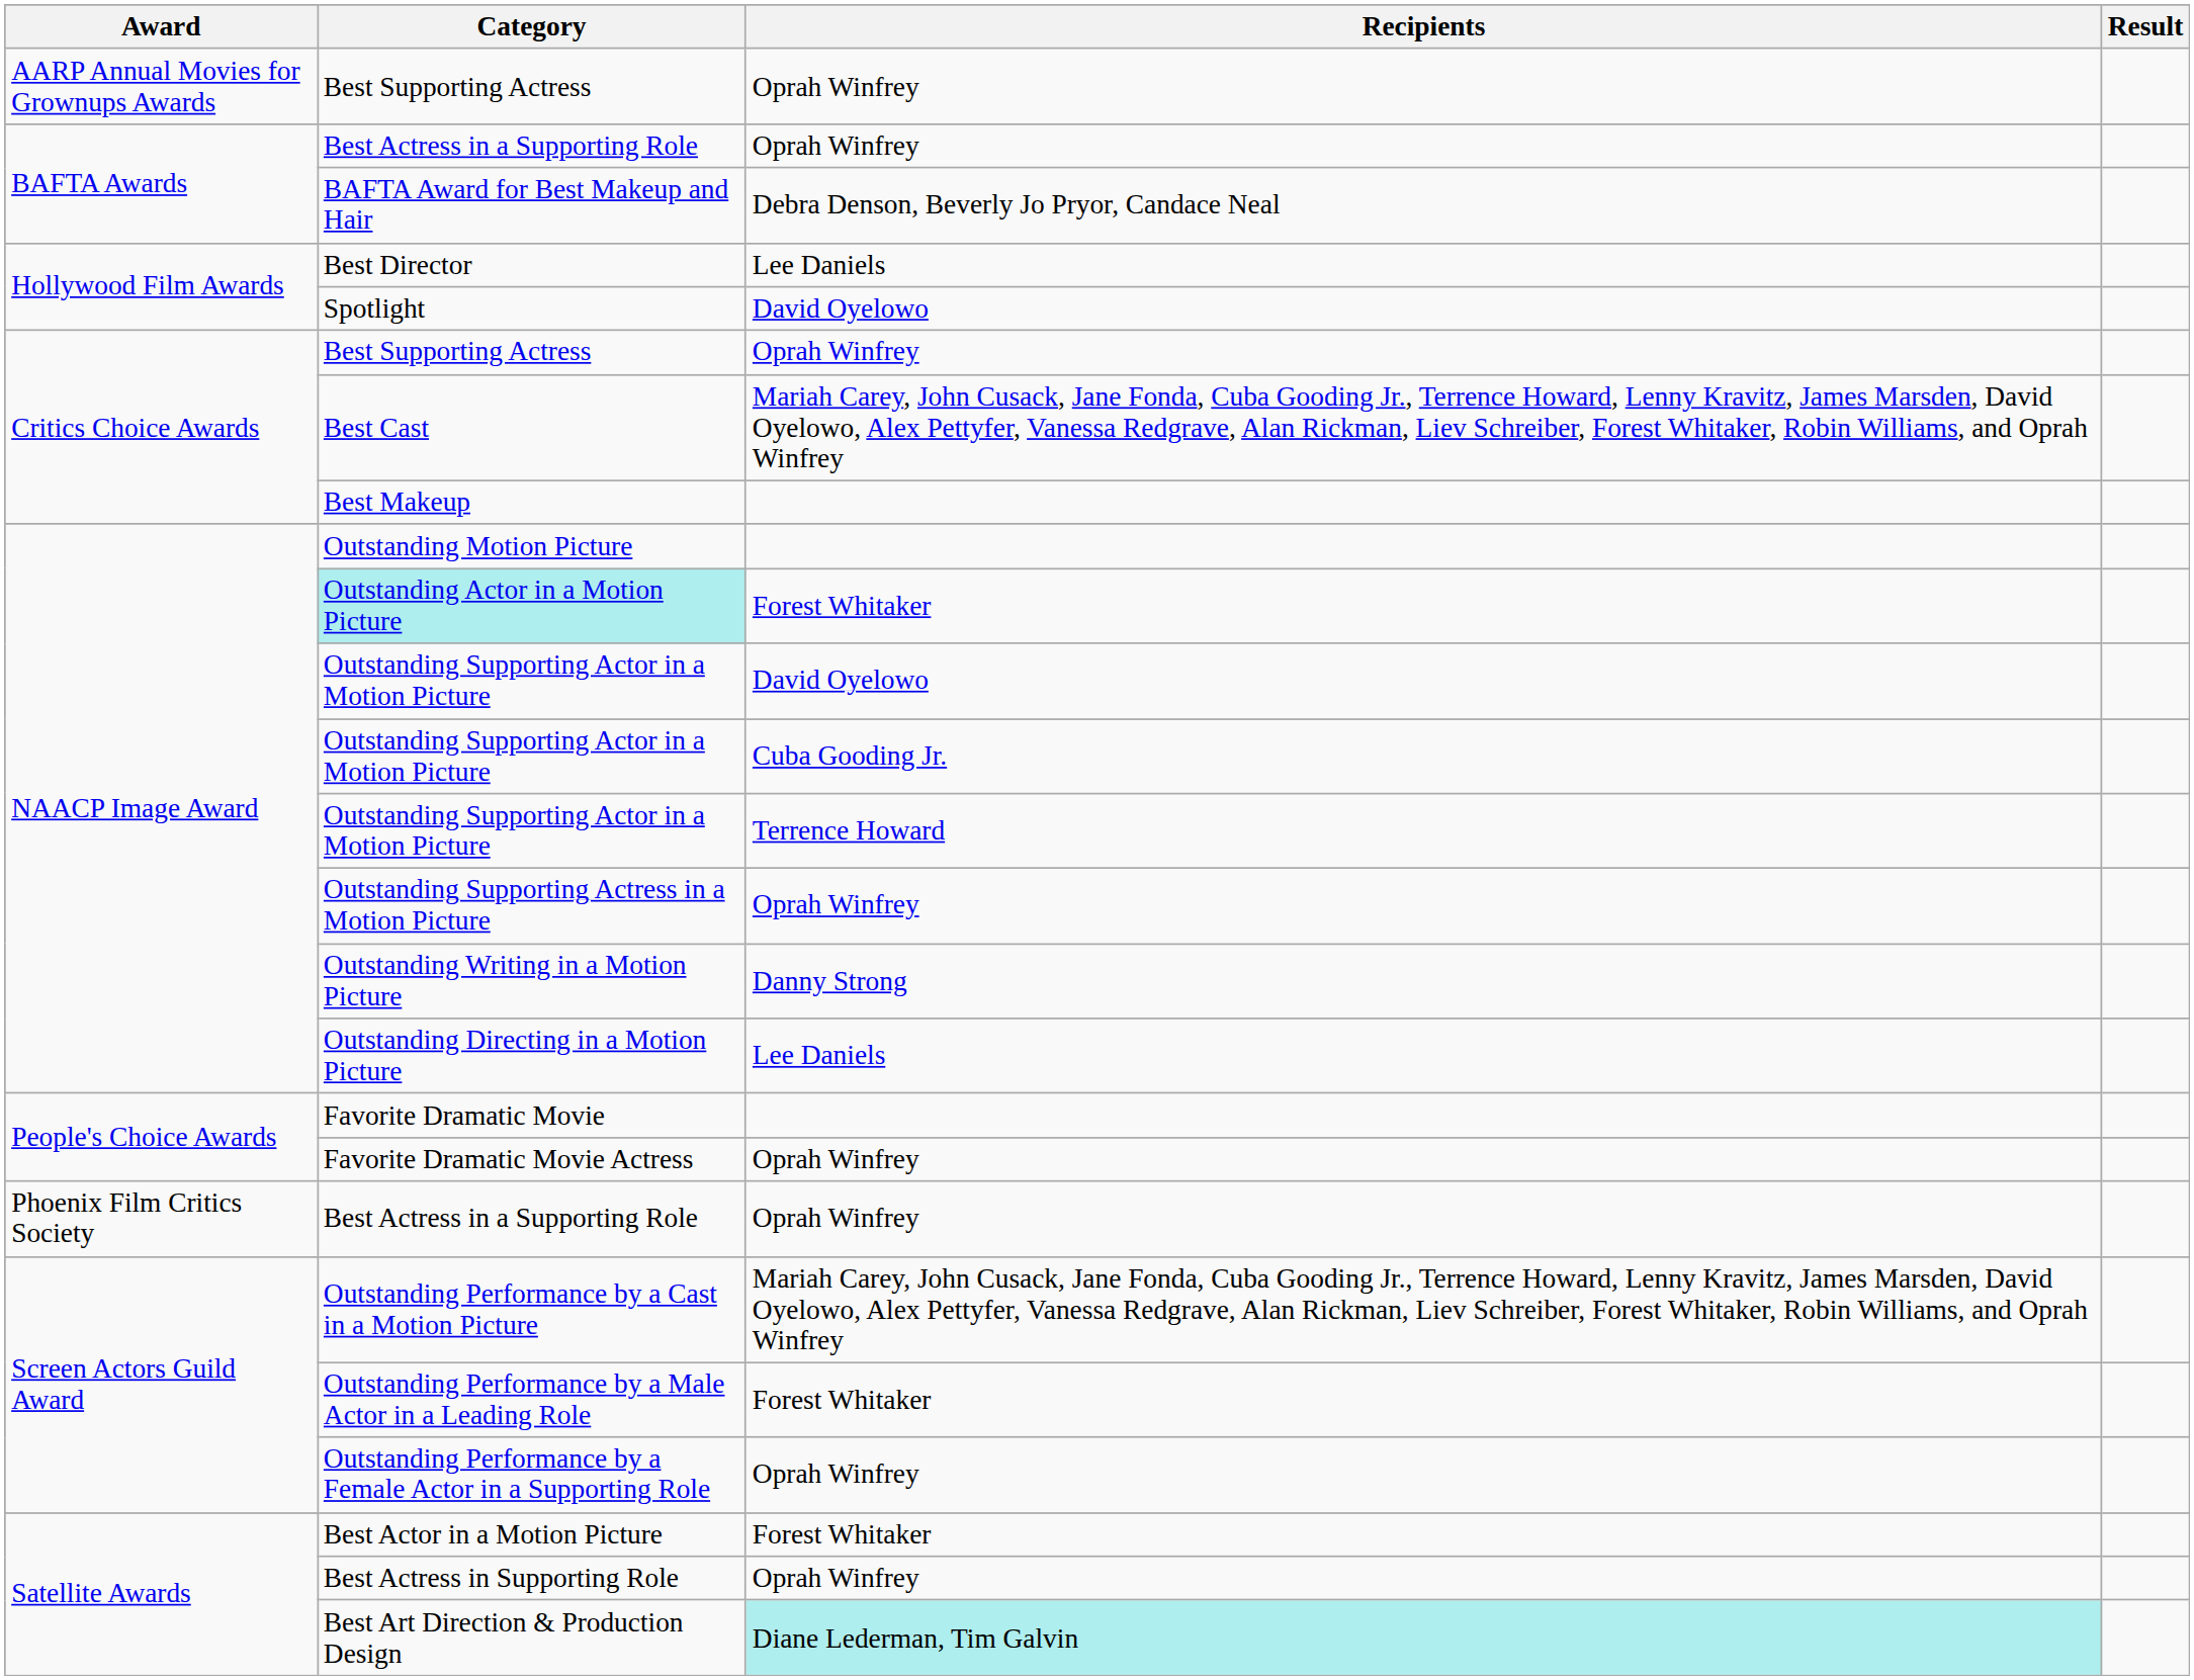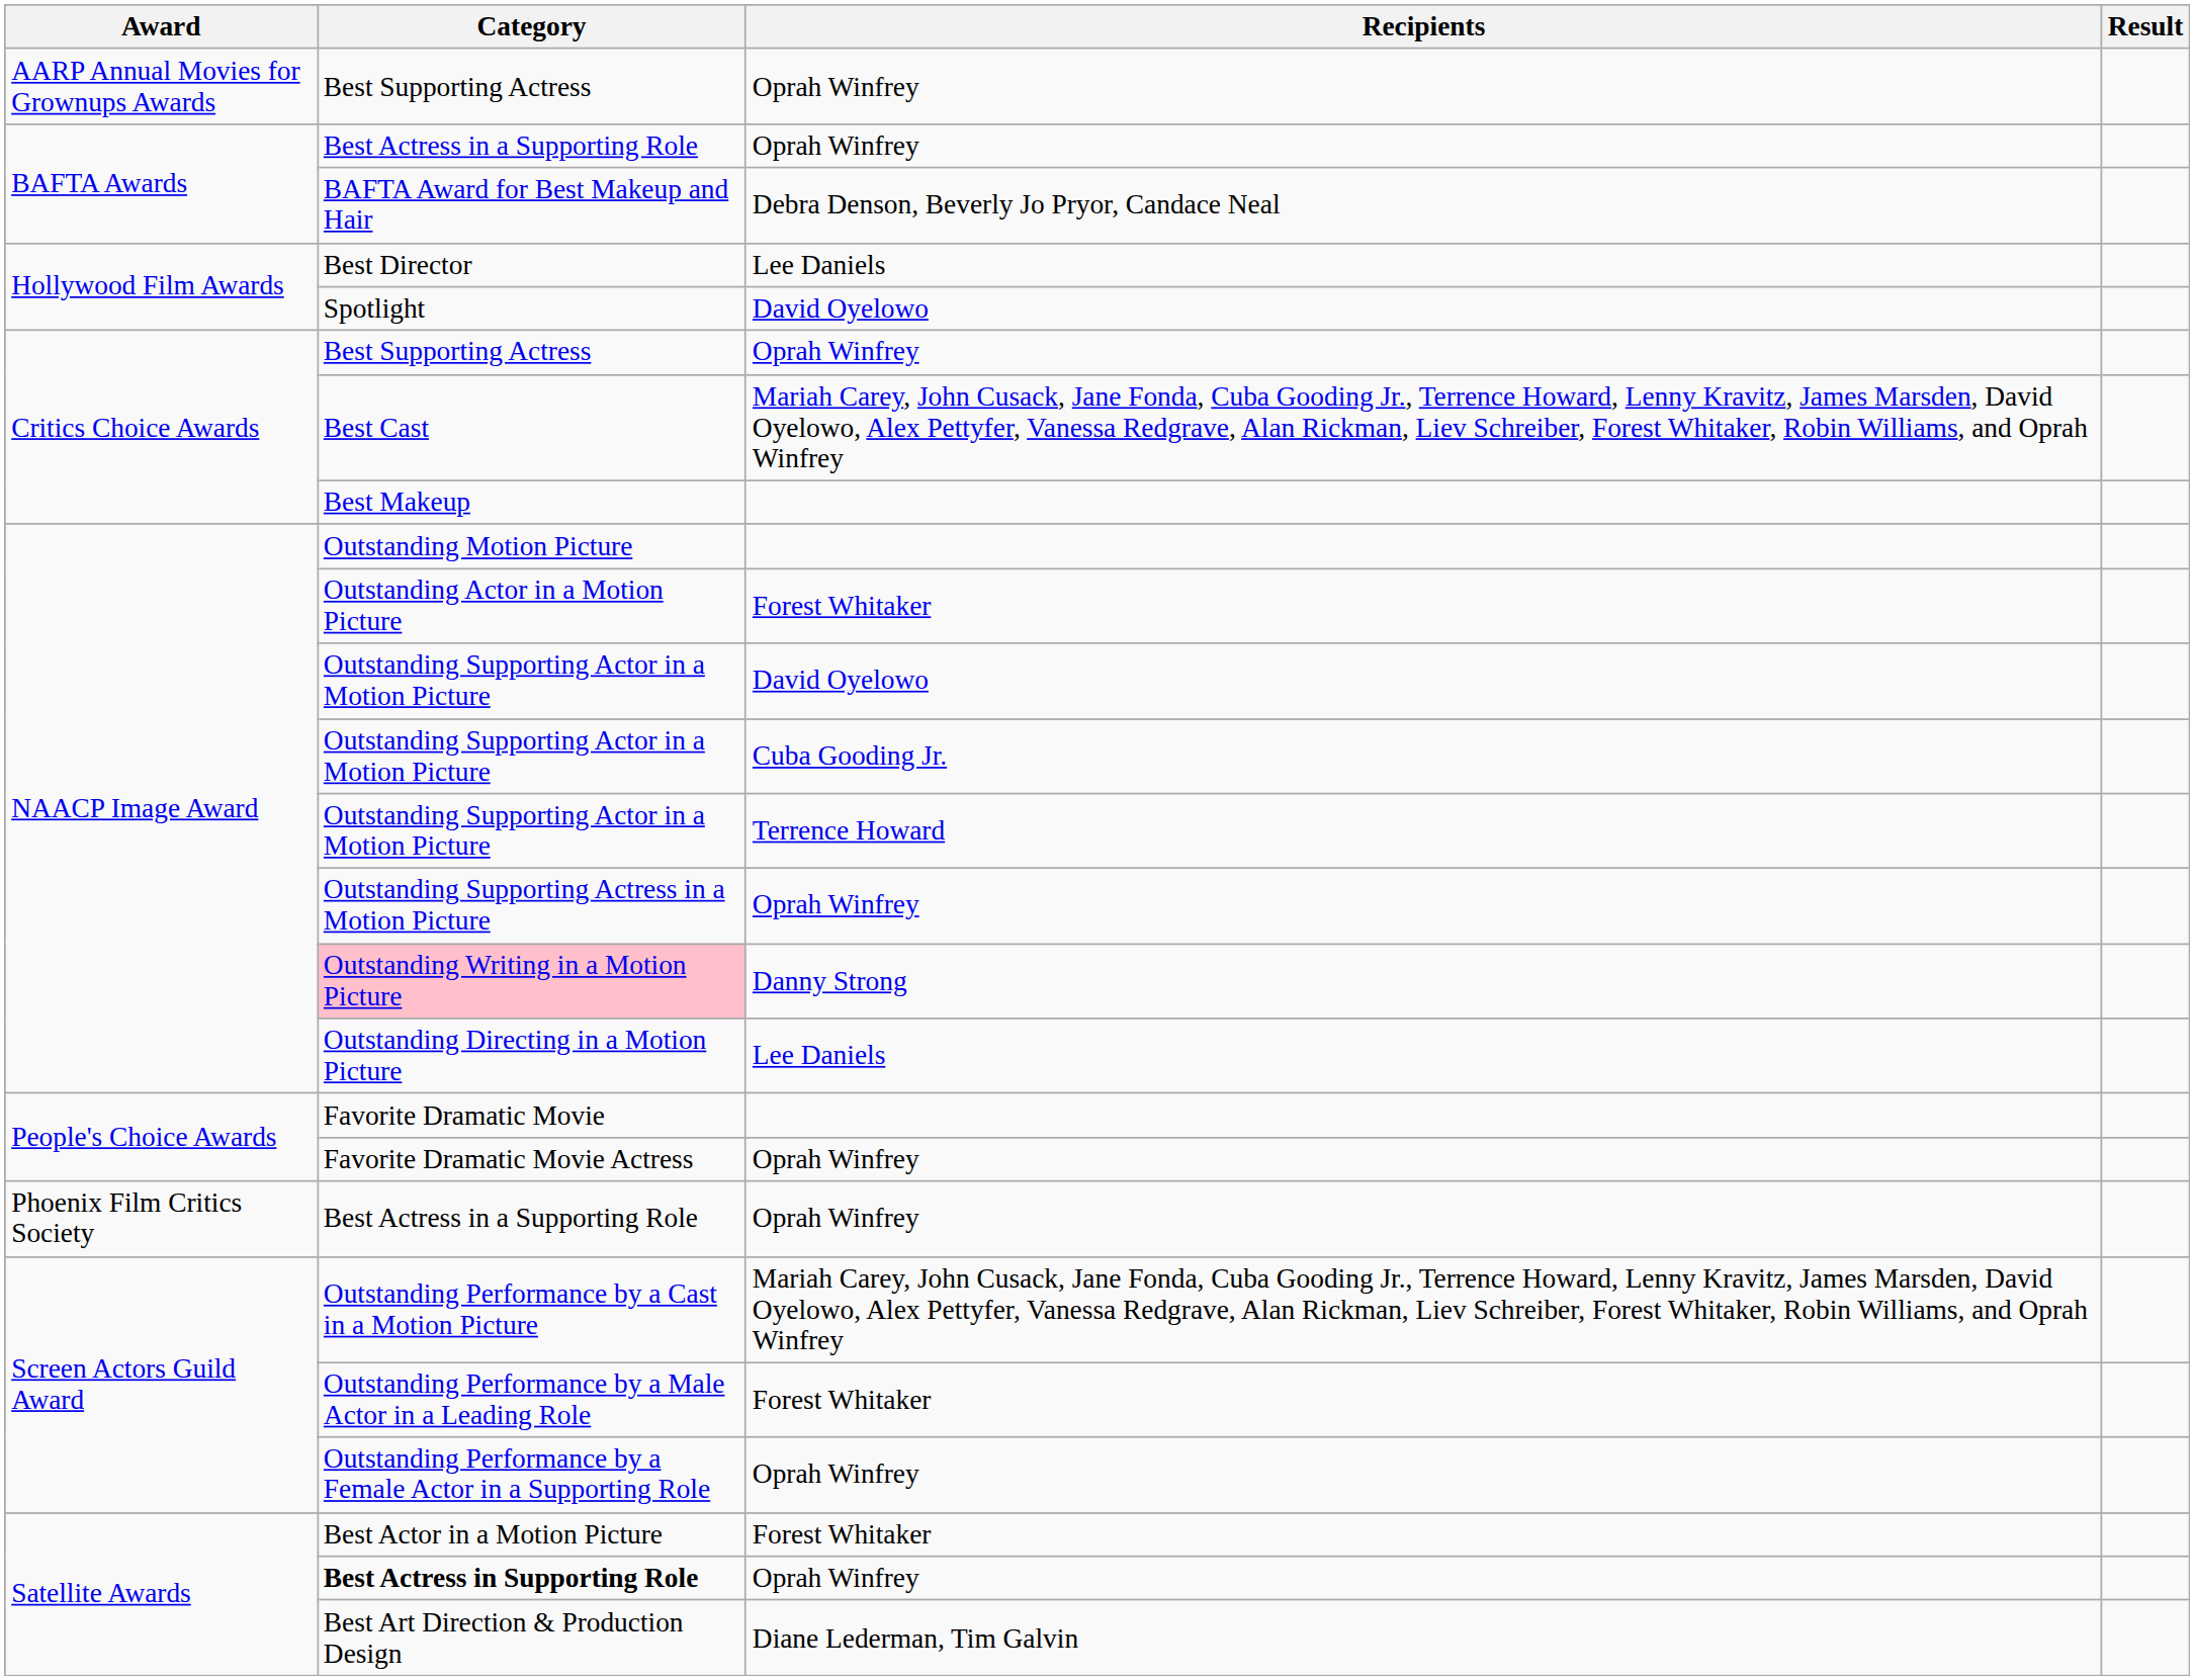 <table class="wikitable" width="100%">
 <tr>
 <th>Award</th>
 <th>Category</th>
 <th>Recipients</th>
 <th>Result</th>
 </tr>
 <tr>
 <td><a href='#'>AARP Annual Movies for Grownups Awards</a></td>
 <td>Best Supporting Actress</td>
 <td>Oprah Winfrey</td>
 <td></td>
 </tr>
 <tr>
 <td rowspan=2><a href='#'>BAFTA Awards</a></td>
 <td><a href='#'>Best Actress in a Supporting Role</a></td>
 <td>Oprah Winfrey</td>
 <td></td>
 </tr>
 <tr>
 <td><a href='#'>BAFTA Award for Best Makeup and Hair</a></td>
 <td>Debra Denson, Beverly Jo Pryor, Candace Neal</td>
 <td></td>
 </tr>
 <tr>
 <td rowspan=2><a href='#'>Hollywood Film Awards</a></td>
 <td>Best Director</td>
 <td>Lee Daniels</td>
 <td></td>
 </tr>
 <tr>
 <td>Spotlight</td>
 <td><a href='#'>David Oyelowo</a></td>
 <td></td>
 </tr>
 <tr>
 <td rowspan=3><a href='#'>Critics Choice Awards</a></td>
 <td><a href='#'>Best Supporting Actress</a></td>
 <td><a href='#'>Oprah Winfrey</a></td>
 <td></td>
 </tr>
 <tr>
 <td><a href='#'>Best Cast</a></td>
 <td><a href='#'>Mariah Carey</a>, <a href='#'>John Cusack</a>, <a href='#'>Jane Fonda</a>, <a href='#'>Cuba Gooding Jr.</a>, <a href='#'>Terrence Howard</a>, <a href='#'>Lenny Kravitz</a>, <a href='#'>James Marsden</a>, David Oyelowo, <a href='#'>Alex Pettyfer</a>, <a href='#'>Vanessa Redgrave</a>, <a href='#'>Alan Rickman</a>, <a href='#'>Liev Schreiber</a>, <a href='#'>Forest Whitaker</a>, <a href='#'>Robin Williams</a>, and Oprah Winfrey</td>
 <td></td>
 </tr>
 <tr>
 <td><a href='#'>Best Makeup</a></td>
 <td></td>
 <td></td>
 </tr>
 <tr>
 <td rowspan=8><a href='#'>NAACP Image Award</a></td>
 <td><a href='#'>Outstanding Motion Picture</a></td>
 <td></td>
 <td></td>
 </tr>
 <tr>
-<td style="background: paleturquoise;"><a href='#'>Outstanding Actor in a Motion Picture</a></td>
+<td><a href='#'>Outstanding Actor in a Motion Picture</a></td>
 <td><a href='#'>Forest Whitaker</a></td>
 <td></td>
 </tr>
 <tr>
 <td><a href='#'>Outstanding Supporting Actor in a Motion Picture</a></td>
 <td><a href='#'>David Oyelowo</a></td>
 <td></td>
 </tr>
 <tr>
 <td><a href='#'>Outstanding Supporting Actor in a Motion Picture</a></td>
 <td><a href='#'>Cuba Gooding Jr.</a></td>
 <td></td>
 </tr>
 <tr>
 <td><a href='#'>Outstanding Supporting Actor in a Motion Picture</a></td>
 <td><a href='#'>Terrence Howard</a></td>
 <td></td>
 </tr>
 <tr>
 <td><a href='#'>Outstanding Supporting Actress in a Motion Picture</a></td>
 <td><a href='#'>Oprah Winfrey</a></td>
 <td></td>
 </tr>
 <tr>
-<td><a href='#'>Outstanding Writing in a Motion Picture</a></td>
+<td style="background: pink;"><a href='#'>Outstanding Writing in a Motion Picture</a></td>
 <td><a href='#'>Danny Strong</a></td>
 <td></td>
 </tr>
 <tr>
 <td><a href='#'>Outstanding Directing in a Motion Picture</a></td>
 <td><a href='#'>Lee Daniels</a></td>
 <td></td>
 </tr>
 <tr>
 <td rowspan=2><a href='#'>People's Choice Awards</a></td>
 <td>Favorite Dramatic Movie</td>
 <td></td>
 <td></td>
 </tr>
 <tr>
 <td>Favorite Dramatic Movie Actress</td>
 <td>Oprah Winfrey</td>
 <td></td>
 </tr>
 <tr>
 <td>Phoenix Film Critics Society</td>
 <td>Best Actress in a Supporting Role</td>
 <td>Oprah Winfrey</td>
 <td></td>
 </tr>
 <tr>
 <td rowspan=3><a href='#'>Screen Actors Guild Award</a></td>
 <td><a href='#'>Outstanding Performance by a Cast in a Motion Picture</a></td>
 <td>Mariah Carey, John Cusack, Jane Fonda, Cuba Gooding Jr., Terrence Howard, Lenny Kravitz, James Marsden, David Oyelowo, Alex Pettyfer, Vanessa Redgrave, Alan Rickman, Liev Schreiber, Forest Whitaker, Robin Williams, and Oprah Winfrey</td>
 <td></td>
 </tr>
 <tr>
 <td><a href='#'>Outstanding Performance by a Male Actor in a Leading Role</a></td>
 <td>Forest Whitaker</td>
 <td></td>
 </tr>
 <tr>
 <td><a href='#'>Outstanding Performance by a Female Actor in a Supporting Role</a></td>
 <td>Oprah Winfrey</td>
 <td></td>
 </tr>
 <tr>
 <td rowspan=3><a href='#'>Satellite Awards</a></td>
 <td>Best Actor in a Motion Picture</td>
 <td>Forest Whitaker</td>
 <td></td>
 </tr>
 <tr>
-<td>Best Actress in Supporting Role</td>
+<td><strong>Best Actress in Supporting Role</strong></td>
 <td>Oprah Winfrey</td>
 <td></td>
 </tr>
 <tr>
 <td>Best Art Direction & Production Design</td>
-<td style="background: paleturquoise;">Diane Lederman, Tim Galvin</td>
+<td>Diane Lederman, Tim Galvin</td>
 <td></td>
 </tr>
 </table>
